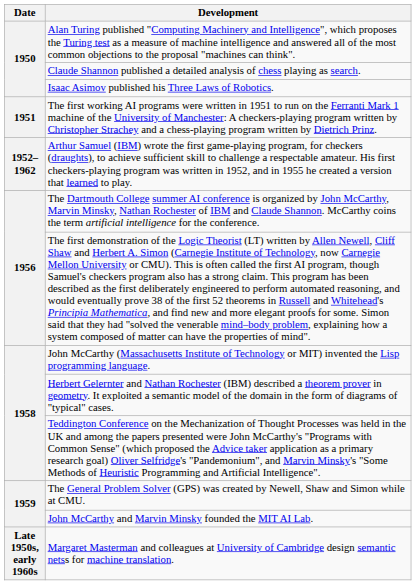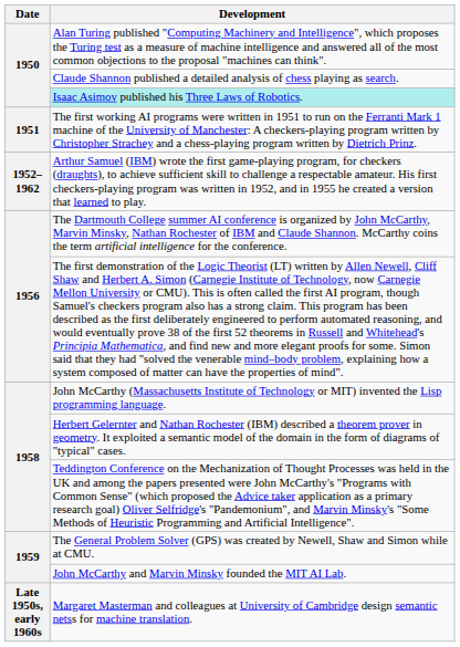 <table class="wikitable">
 <tr>
 <th>Date</th>
 <th>Development</th>
 </tr>
 <tr>
 <th rowspan=3>1950</th>
 <td><a href='#'>Alan Turing</a> published "<a href='#'>Computing Machinery and Intelligence</a>", which proposes the <a href='#'>Turing test</a> as a measure of machine intelligence and answered all of the most common objections to the proposal "machines can think".</td>
 </tr>
 <tr>
 <td><a href='#'>Claude Shannon</a> published a detailed analysis of <a href='#'>chess</a> playing as <a href='#'>search</a>.</td>
 </tr>
 <tr>
-<td><a href='#'>Isaac Asimov</a> published his <a href='#'>Three Laws of Robotics</a>.</td>
+<td style="background: paleturquoise;"><a href='#'>Isaac Asimov</a> published his <a href='#'>Three Laws of Robotics</a>.</td>
 </tr>
 <tr>
 <th>1951</th>
 <td>The first working AI programs were written in 1951 to run on the <a href='#'>Ferranti Mark 1</a> machine of the <a href='#'>University of Manchester</a>: A checkers-playing program written by <a href='#'>Christopher Strachey</a> and a chess-playing program written by <a href='#'>Dietrich Prinz</a>.</td>
 </tr>
 <tr>
 <th>1952–1962</th>
 <td><a href='#'>Arthur Samuel</a> (<a href='#'>IBM</a>) wrote the first game-playing program, for checkers (<a href='#'>draughts</a>), to achieve sufficient skill to challenge a respectable amateur. His first checkers-playing program was written in 1952, and in 1955 he created a version that <a href='#'>learned</a> to play.</td>
 </tr>
 <tr>
 <th rowspan=2>1956</th>
 <td>The <a href='#'>Dartmouth College</a> <a href='#'>summer AI conference</a> is organized by <a href='#'>John McCarthy</a>, <a href='#'>Marvin Minsky</a>, <a href='#'>Nathan Rochester</a> of <a href='#'>IBM</a> and <a href='#'>Claude Shannon</a>. McCarthy coins the term <em>artificial intelligence</em> for the conference.</td>
 </tr>
 <tr>
 <td>The first demonstration of the <a href='#'>Logic Theorist</a> (LT) written by <a href='#'>Allen Newell</a>, <a href='#'>Cliff Shaw</a> and <a href='#'>Herbert A. Simon</a> (<a href='#'>Carnegie Institute of Technology</a>, now <a href='#'>Carnegie Mellon University</a> or CMU). This is often called the first AI program, though Samuel's checkers program also has a strong claim. This program has been described as the first deliberately engineered to perform automated reasoning, and would eventually prove 38 of the first 52 theorems in <a href='#'>Russell</a> and <a href='#'>Whitehead</a>'s <em><a href='#'>Principia Mathematica</a></em>, and find new and more elegant proofs for some. Simon said that they had "solved the venerable <a href='#'>mind–body problem</a>, explaining how a system composed of matter can have the properties of mind".</td>
 </tr>
 <tr>
 <th rowspan=3>1958</th>
 <td>John McCarthy (<a href='#'>Massachusetts Institute of Technology</a> or MIT) invented the <a href='#'>Lisp programming language</a>.</td>
 </tr>
 <tr>
 <td><a href='#'>Herbert Gelernter</a> and <a href='#'>Nathan Rochester</a> (IBM) described a <a href='#'>theorem prover</a> in <a href='#'>geometry</a>. It exploited a semantic model of the domain in the form of diagrams of "typical" cases.</td>
 </tr>
 <tr>
 <td><a href='#'>Teddington Conference</a> on the Mechanization of Thought Processes was held in the UK and among the papers presented were John McCarthy's "Programs with Common Sense" (which proposed the <a href='#'>Advice taker</a> application as a primary research goal) <a href='#'>Oliver Selfridge</a>'s "Pandemonium", and <a href='#'>Marvin Minsky</a>'s "Some Methods of <a href='#'>Heuristic</a> Programming and Artificial Intelligence".</td>
 </tr>
 <tr>
 <th rowspan=2>1959</th>
 <td>The <a href='#'>General Problem Solver</a> (GPS) was created by Newell, Shaw and Simon while at CMU.</td>
 </tr>
 <tr>
 <td><a href='#'>John McCarthy</a> and <a href='#'>Marvin Minsky</a> founded the <a href='#'>MIT AI Lab</a>.</td>
 </tr>
 <tr>
 <th>Late 1950s, early 1960s</th>
 <td><a href='#'>Margaret Masterman</a> and colleagues at <a href='#'>University of Cambridge</a> design <a href='#'>semantic nets</a>s for <a href='#'>machine translation</a>.</td>
 </tr>
 </table>
